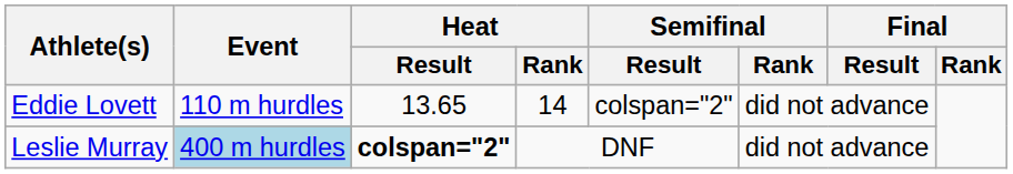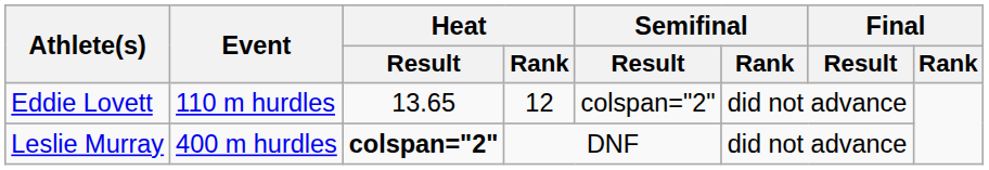 <table class="wikitable" style="font-size:90%">
 <tr>
 <th rowspan=2>Athlete(s)</th>
 <th rowspan=2>Event</th>
 <th colspan=2>Heat</th>
 <th colspan=2>Semifinal</th>
 <th colspan=2>Final</th>
 </tr>
 <tr style="font-size:95%">
 <th>Result</th>
 <th>Rank</th>
 <th>Result</th>
 <th>Rank</th>
 <th>Result</th>
 <th>Rank</th>
 </tr>
 <tr align=center>
 <td align=left><a href='#'>Eddie Lovett</a></td>
 <td align=left><a href='#'>110 m hurdles</a></td>
 <td>13.65</td>
-<td>14</td>
+<td>12</td>
 <td>colspan="2" </td>
 <td colspan="2">did not advance</td>
 </tr>
 <tr align=center>
 <td align=left><a href='#'>Leslie Murray</a></td>
-<td align=left style="background: lightblue;"><a href='#'>400 m hurdles</a></td>
+<td align=left><a href='#'>400 m hurdles</a></td>
 <td><strong>colspan="2" </strong></td>
 <td colspan="2">DNF</td>
 <td colspan="2">did not advance</td>
 </tr>
 </table>
